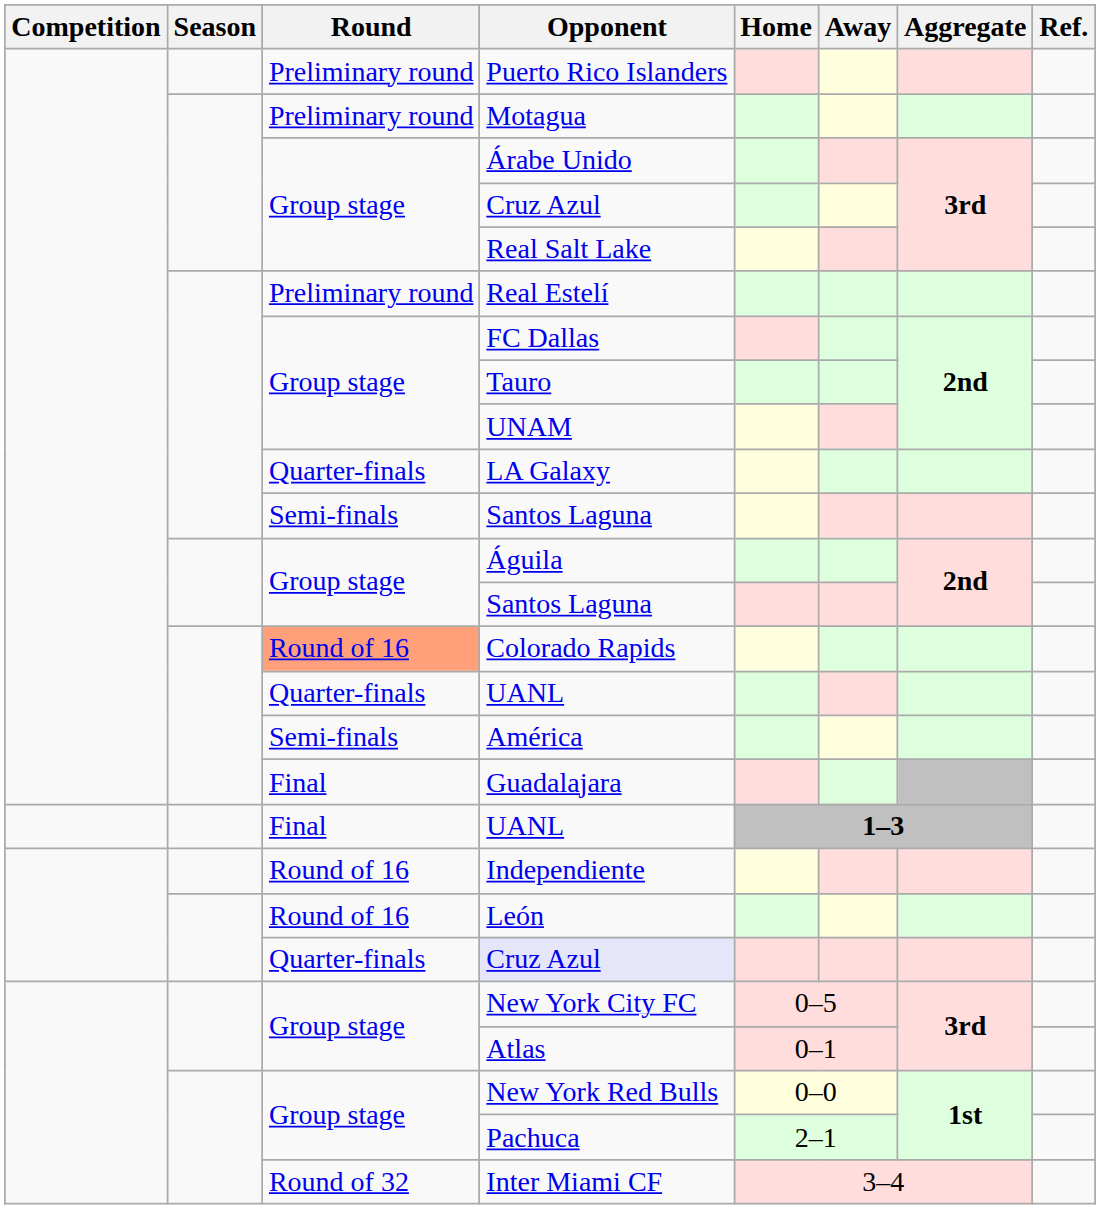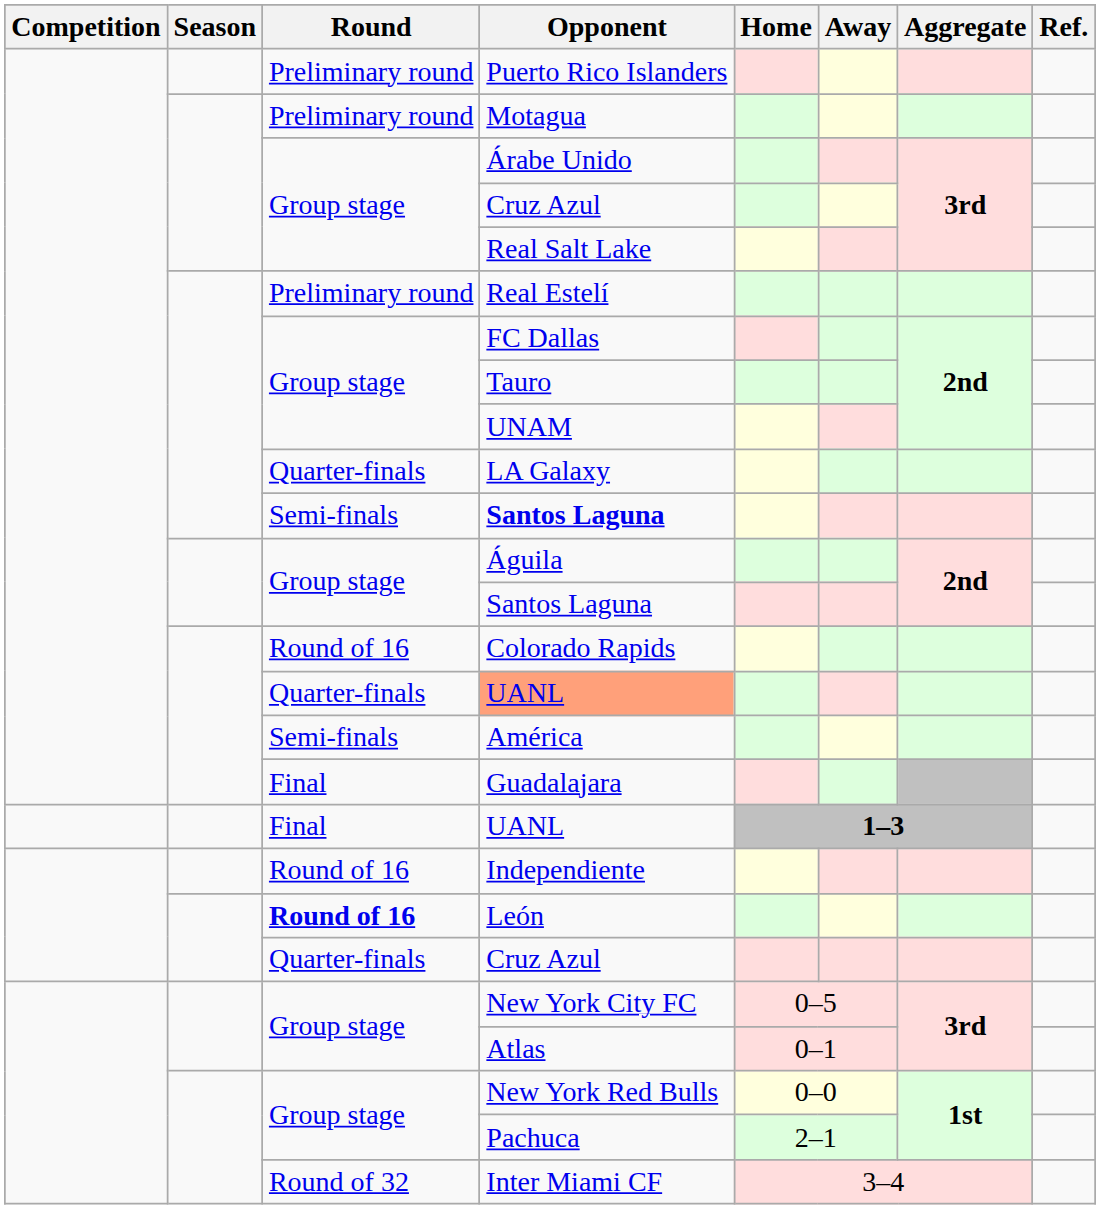 <table class="wikitable" align=center>
 <tr>
 <th>Competition</th>
 <th>Season</th>
 <th>Round</th>
 <th>Opponent</th>
 <th>Home</th>
 <th>Away</th>
 <th>Aggregate</th>
 <th>Ref.</th>
 </tr>
 <tr>
 <td rowspan="17"></td>
 <td style="text-align:left;"></td>
 <td style="text-align:left;"><a href='#'>Preliminary round</a></td>
 <td style="text-align:left;"> <a href='#'>Puerto Rico Islanders</a></td>
 <td style="text-align:center; background:#fdd;"></td>
 <td style="text-align:center; background:#ffd;"></td>
 <td style="text-align:center; background:#fdd;"></td>
 <td></td>
 </tr>
 <tr>
 <td style="text-align:left;" rowspan="4"></td>
 <td style="text-align:left;"><a href='#'>Preliminary round</a></td>
 <td style="text-align:left;"> <a href='#'>Motagua</a></td>
 <td style="text-align:center; background:#dfd;"></td>
 <td style="text-align:center; background:#ffd;"></td>
 <td style="text-align:center; background:#dfd;"></td>
 <td></td>
 </tr>
 <tr>
 <td style="text-align:left;" rowspan="3"><a href='#'>Group stage</a></td>
 <td style="text-align:left;"> <a href='#'>Árabe Unido</a></td>
 <td style="text-align:center; background:#dfd;"></td>
 <td style="text-align:center; background:#fdd;"></td>
 <td rowspan="3" style="text-align:center; background:#fdd;"><strong>3rd</strong></td>
 <td></td>
 </tr>
 <tr>
 <td style="text-align:left;"> <a href='#'>Cruz Azul</a></td>
 <td style="text-align:center; background:#dfd;"></td>
 <td style="text-align:center; background:#ffd;"></td>
 <td></td>
 </tr>
 <tr>
 <td style="text-align:left;"> <a href='#'>Real Salt Lake</a></td>
 <td style="text-align:center; background:#ffd;"></td>
 <td style="text-align:center; background:#fdd;"></td>
 <td></td>
 </tr>
 <tr>
 <td style="text-align:left;" rowspan="6"></td>
 <td style="text-align:left;"><a href='#'>Preliminary round</a></td>
 <td style="text-align:left;"> <a href='#'>Real Estelí</a></td>
 <td style="text-align:center; background:#dfd;"></td>
 <td style="text-align:center; background:#dfd;"></td>
 <td style="text-align:center; background:#dfd;"></td>
 <td></td>
 </tr>
 <tr>
 <td style="text-align:left;" rowspan="3"><a href='#'>Group stage</a></td>
 <td style="text-align:left;"> <a href='#'>FC Dallas</a></td>
 <td style="text-align:center; background:#fdd;"></td>
 <td style="text-align:center; background:#dfd;"></td>
 <td rowspan="3" style="text-align:center; background:#dfd;"><strong>2nd</strong></td>
 <td></td>
 </tr>
 <tr>
 <td style="text-align:left;"> <a href='#'>Tauro</a></td>
 <td style="text-align:center; background:#dfd;"></td>
 <td style="text-align:center; background:#dfd;"></td>
 <td></td>
 </tr>
 <tr>
 <td style="text-align:left;"> <a href='#'>UNAM</a></td>
 <td style="text-align:center; background:#ffd;"></td>
 <td style="text-align:center; background:#fdd;"></td>
 <td></td>
 </tr>
 <tr>
 <td style="text-align:left;"><a href='#'>Quarter-finals</a></td>
 <td style="text-align:left;"> <a href='#'>LA Galaxy</a></td>
 <td style="text-align:center; background:#ffd;"></td>
 <td style="text-align:center; background:#dfd;"></td>
 <td style="text-align:center; background:#dfd;"></td>
 <td></td>
 </tr>
 <tr>
 <td style="text-align:left;"><a href='#'>Semi-finals</a></td>
-<td style="text-align:left;"> <a href='#'>Santos Laguna</a></td>
+<td style="text-align:left;"><strong> <a href='#'>Santos Laguna</a></strong></td>
 <td style="text-align:center; background:#ffd;"></td>
 <td style="text-align:center; background:#fdd;"></td>
 <td style="text-align:center; background:#fdd;"></td>
 <td></td>
 </tr>
 <tr>
 <td style="text-align:left;" rowspan="2"></td>
 <td style="text-align:left;" rowspan="2"><a href='#'>Group stage</a></td>
 <td style="text-align:left;"> <a href='#'>Águila</a></td>
 <td style="text-align:center; background:#dfd;"></td>
 <td style="text-align:center; background:#dfd;"></td>
 <td rowspan="2" style="text-align:center; background:#fdd;"><strong>2nd</strong></td>
 <td></td>
 </tr>
 <tr>
 <td style="text-align:left;"> <a href='#'>Santos Laguna</a></td>
 <td style="text-align:center; background:#fdd;"></td>
 <td style="text-align:center; background:#fdd;"></td>
 <td></td>
 </tr>
 <tr>
 <td style="text-align:left;" rowspan="4"></td>
-<td style="background: lightsalmon; text-align:left;"><a href='#'>Round of 16</a></td>
+<td style="text-align:left;"><a href='#'>Round of 16</a></td>
 <td style="text-align:left;"> <a href='#'>Colorado Rapids</a></td>
 <td style="text-align:center; background:#ffd;"></td>
 <td style="text-align:center; background:#dfd;"></td>
 <td style="text-align:center; background:#dfd;"></td>
 <td></td>
 </tr>
 <tr>
 <td style="text-align:left;"><a href='#'>Quarter-finals</a></td>
-<td style="text-align:left;"> <a href='#'>UANL</a></td>
+<td style="background: lightsalmon; text-align:left;"> <a href='#'>UANL</a></td>
 <td style="text-align:center; background:#dfd;"></td>
 <td style="text-align:center; background:#fdd;"></td>
 <td style="text-align:center; background:#dfd;"></td>
 <td></td>
 </tr>
 <tr>
 <td style="text-align:left;"><a href='#'>Semi-finals</a></td>
 <td style="text-align:left;"> <a href='#'>América</a></td>
 <td style="text-align:center; background:#dfd;"></td>
 <td style="text-align:center; background:#ffd;"></td>
 <td style="text-align:center; background:#dfd;"></td>
 <td></td>
 </tr>
 <tr>
 <td style="text-align:left;"><a href='#'>Final</a></td>
 <td style="text-align:left;"> <a href='#'>Guadalajara</a></td>
 <td style="text-align:center; background:#fdd;"></td>
 <td style="text-align:center; background:#dfd;"></td>
 <td style="text-align:center; background:silver"></td>
 <td></td>
 </tr>
 <tr>
 <td style="text-align:left;"></td>
 <td style="text-align:left;"></td>
 <td style="text-align:left;"><a href='#'>Final</a></td>
 <td style="text-align:left;"> <a href='#'>UANL</a></td>
 <td colspan="3" bgcolor=silver style="text-align:center;"><strong>1–3</strong></td>
 <td></td>
 </tr>
 <tr>
 <td style="text-align:left;" rowspan="3"></td>
 <td style="text-align:left;"></td>
 <td style="text-align:left;"><a href='#'>Round of 16</a></td>
 <td style="text-align:left;"> <a href='#'>Independiente</a></td>
 <td style="text-align:center; background:#ffd;"></td>
 <td style="text-align:center; background:#fdd;"></td>
 <td style="text-align:center; background:#fdd;"></td>
 <td></td>
 </tr>
 <tr>
 <td style="text-align:left;" rowspan="2"></td>
-<td style="text-align:left;"><a href='#'>Round of 16</a></td>
+<td style="text-align:left;"><strong><a href='#'>Round of 16</a></strong></td>
 <td style="text-align:left;"> <a href='#'>León</a></td>
 <td style="text-align:center; background:#dfd;"></td>
 <td style="text-align:center; background:#ffd;"></td>
 <td style="text-align:center; background:#dfd;"></td>
 <td></td>
 </tr>
 <tr>
 <td style="text-align:left;"><a href='#'>Quarter-finals</a></td>
-<td style="background: lavender; text-align:left;"> <a href='#'>Cruz Azul</a></td>
+<td style="text-align:left;"> <a href='#'>Cruz Azul</a></td>
 <td style="text-align:center; background:#fdd;"></td>
 <td style="text-align:center; background:#fdd;"></td>
 <td style="text-align:center; background:#fdd;"></td>
 <td></td>
 </tr>
 <tr>
 <td style="text-align:left;" rowspan="5"></td>
 <td style="text-align:left;" rowspan="2"></td>
 <td style="text-align:left;" rowspan="2"><a href='#'>Group stage</a></td>
 <td style="text-align:left;"> <a href='#'>New York City FC</a></td>
 <td colspan="2" style="text-align:center; background:#fdd;">0–5</td>
 <td rowspan="2" style="text-align:center; background:#fdd;"><strong>3rd</strong></td>
 <td></td>
 </tr>
 <tr>
 <td style="text-align:left;"> <a href='#'>Atlas</a></td>
 <td colspan="2" style="text-align:center; background:#fdd;">0–1</td>
 <td></td>
 </tr>
 <tr>
 <td style="text-align:left;" rowspan="3"></td>
 <td style="text-align:left;" rowspan="2"><a href='#'>Group stage</a></td>
 <td style="text-align:left;"> <a href='#'>New York Red Bulls</a></td>
 <td colspan="2" style="text-align:center; background:#ffd;">0–0<br></td>
 <td rowspan="2" style="text-align:center; background:#dfd;"><strong>1st</strong></td>
 <td></td>
 </tr>
 <tr>
 <td style="text-align:left;"> <a href='#'>Pachuca</a></td>
 <td colspan="2" style="text-align:center; background:#dfd;">2–1</td>
 <td></td>
 </tr>
 <tr>
 <td style="text-align:left;"><a href='#'>Round of 32</a></td>
 <td style="text-align:left;"> <a href='#'>Inter Miami CF</a></td>
 <td colspan="3" style="text-align:center; background:#fdd;">3–4</td>
 <td></td>
 </tr>
 </table>
